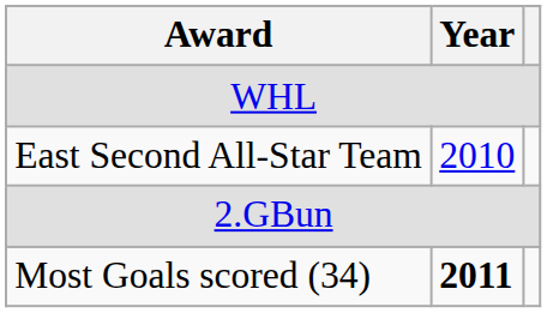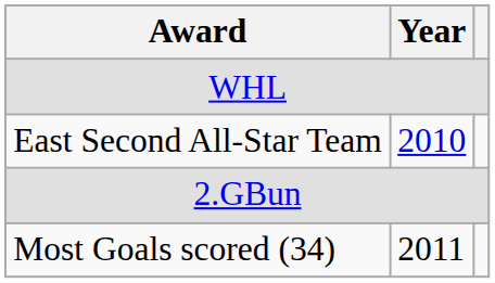 <table class="wikitable">
 <tr>
 <th>Award</th>
 <th>Year</th>
 <th></th>
 </tr>
 <tr ALIGN="center" bgcolor="#e0e0e0">
 <td colspan="3"><a href='#'>WHL</a></td>
 </tr>
 <tr>
 <td>East Second All-Star Team</td>
 <td><a href='#'>2010</a></td>
 <td></td>
 </tr>
 <tr ALIGN="center" bgcolor="#e0e0e0">
 <td colspan="3"><a href='#'>2.GBun</a></td>
 </tr>
 <tr>
 <td>Most Goals scored (34)</td>
-<td><strong>2011</strong></td>
+<td>2011</td>
 <td></td>
 </tr>
 </table>
